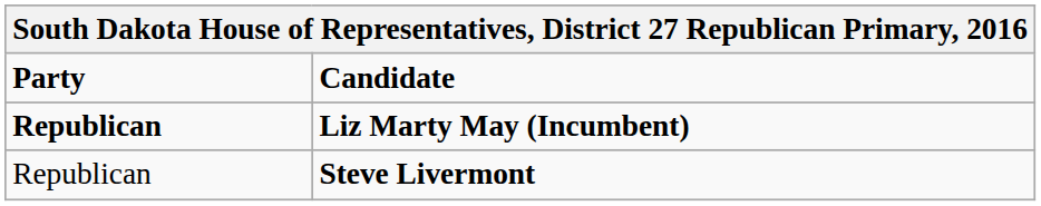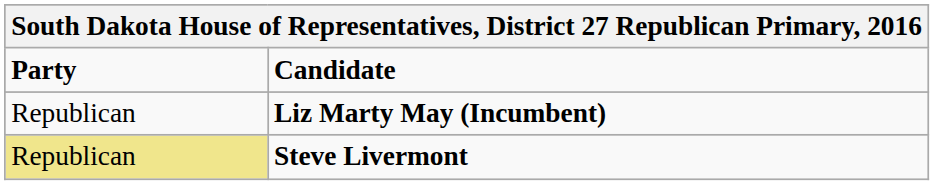 <table class="wikitable">
 <tr>
 <th colspan="5">South Dakota House of Representatives, District 27 Republican Primary, 2016</th>
 </tr>
 <tr>
 <td><strong>Party</strong></td>
 <td><strong>Candidate</strong></td>
 </tr>
 <tr>
-<td><strong>Republican</strong></td>
+<td>Republican</td>
 <td><strong>Liz Marty May (Incumbent)</strong></td>
 </tr>
 <tr>
-<td>Republican</td>
+<td style="background: khaki;">Republican</td>
 <td><strong>Steve Livermont</strong></td>
 </tr>
 </table>
